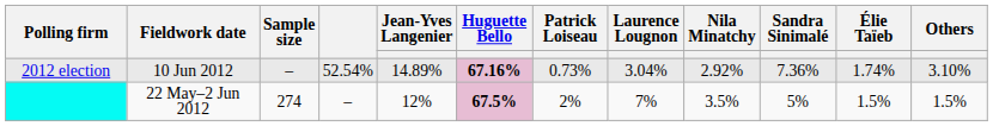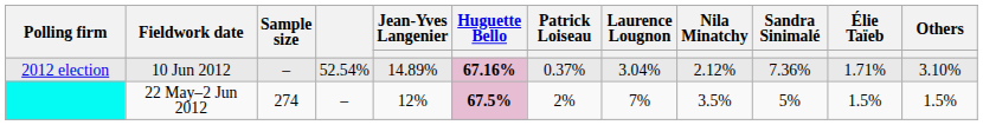 <table class="wikitable sortable" style="text-align:center;font-size:90%;line-height:14px;">
 <tr style="height:40px;">
 <th style="width:100px;" rowspan="2">Polling firm</th>
 <th style="width:110px;" rowspan="2">Fieldwork date</th>
 <th style="width:35px;" rowspan="2">Sample<br>size</th>
 <th style="width:30px;" rowspan="2"></th>
 <th class="unsortable" style="width:60px;">Jean-Yves Langenier<br></th>
 <th class="unsortable" style="width:60px;"><a href='#'>Huguette Bello</a><br></th>
 <th class="unsortable" style="width:60px;">Patrick Loiseau<br></th>
 <th class="unsortable" style="width:60px;">Laurence Lougnon<br></th>
 <th class="unsortable" style="width:60px;">Nila Minatchy<br></th>
 <th class="unsortable" style="width:60px;">Sandra Sinimalé<br></th>
 <th class="unsortable" style="width:60px;">Élie Taïeb<br></th>
 <th class="unsortable" style="width:60px;">Others</th>
 </tr>
 <tr>
 <th style="background:"></th>
 <th style="background:"></th>
 <th style="background:"></th>
 <th style="background:"></th>
 <th style="background:"></th>
 <th style="background:"></th>
 <th style="background:"></th>
 <th style="background:"></th>
 </tr>
 <tr style="background:#E9E9E9;">
 <td><a href='#'>2012 election</a></td>
 <td data-sort-value="2012-06-10">10 Jun 2012</td>
 <td>–</td>
 <td>52.54%</td>
 <td>14.89%</td>
 <td style="background:#E7BDD4;"><strong>67.16%</strong></td>
-<td>0.73%</td>
+<td>0.37%</td>
 <td>3.04%</td>
-<td>2.92%</td>
+<td>2.12%</td>
 <td>7.36%</td>
-<td>1.74%</td>
+<td>1.71%</td>
 <td>3.10%</td>
 </tr>
 <tr>
 <td style="background:#04FBF4;"></td>
 <td data-sort-value="2012-06-02">22 May–2 Jun 2012</td>
 <td>274</td>
 <td>–</td>
 <td>12%</td>
 <td style="background:#E7BDD4;"><strong>67.5%</strong></td>
 <td>2%</td>
 <td>7%</td>
 <td>3.5%</td>
 <td>5%</td>
 <td>1.5%</td>
 <td>1.5%</td>
 </tr>
 </table>
